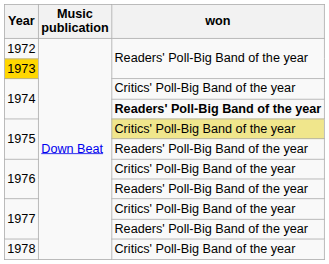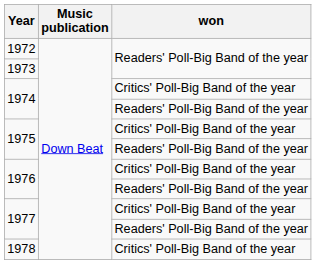 <table class="wikitable">
 <tr>
 <th>Year</th>
 <th>Music<br>publication</th>
 <th>won</th>
 </tr>
 <tr>
 <td>1972</td>
 <td rowspan="11"><a href='#'>Down Beat</a></td>
 <td rowspan="2">Readers' Poll-Big Band of the year</td>
 </tr>
 <tr>
-<td style="background: gold;">1973</td>
+<td>1973</td>
 </tr>
 <tr>
 <td rowspan="2">1974</td>
 <td>Critics' Poll-Big Band of the year</td>
 </tr>
 <tr>
-<td><strong>Readers' Poll-Big Band of the year</strong></td>
+<td>Readers' Poll-Big Band of the year</td>
 </tr>
 <tr>
 <td rowspan="2">1975</td>
-<td style="background: khaki;">Critics' Poll-Big Band of the year</td>
+<td>Critics' Poll-Big Band of the year</td>
 </tr>
 <tr>
 <td>Readers' Poll-Big Band of the year</td>
 </tr>
 <tr>
 <td rowspan="2">1976</td>
 <td>Critics' Poll-Big Band of the year</td>
 </tr>
 <tr>
 <td>Readers' Poll-Big Band of the year</td>
 </tr>
 <tr>
 <td rowspan="2">1977</td>
 <td>Critics' Poll-Big Band of the year</td>
 </tr>
 <tr>
 <td>Readers' Poll-Big Band of the year</td>
 </tr>
 <tr>
 <td>1978</td>
 <td>Critics' Poll-Big Band of the year</td>
 </tr>
 </table>
